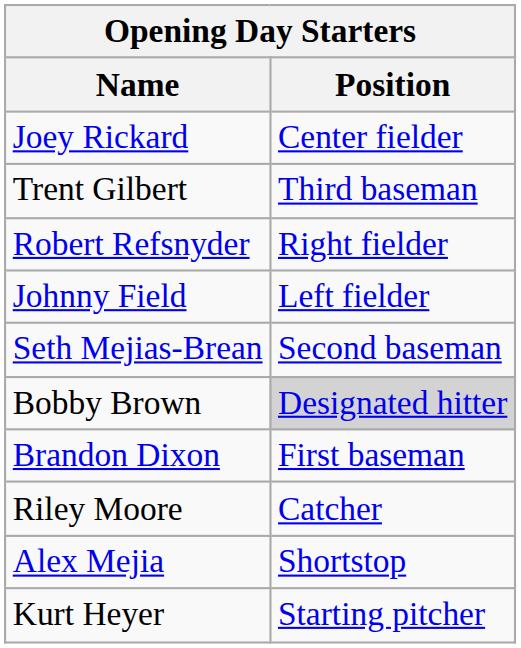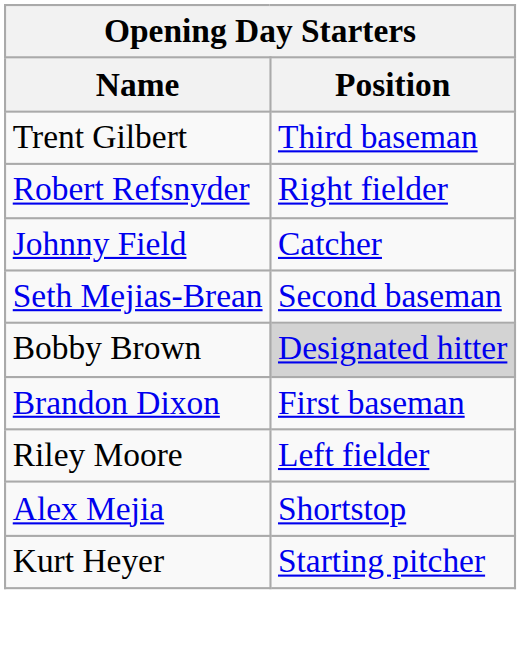 <table class="wikitable" style="text-align:left">
 <tr>
 <th colspan="2">Opening Day Starters</th>
 </tr>
 <tr>
 <th>Name</th>
 <th>Position</th>
-</tr>
-<tr>
-<td><a href='#'>Joey Rickard</a></td>
-<td><a href='#'>Center fielder</a></td>
 </tr>
 <tr>
 <td>Trent Gilbert</td>
 <td><a href='#'>Third baseman</a></td>
 </tr>
 <tr>
 <td><a href='#'>Robert Refsnyder</a></td>
 <td><a href='#'>Right fielder</a></td>
 </tr>
 <tr>
 <td><a href='#'>Johnny Field</a></td>
-<td><a href='#'>Left fielder</a></td>
+<td><a href='#'>Catcher</a></td>
 </tr>
 <tr>
 <td><a href='#'>Seth Mejias-Brean</a></td>
 <td><a href='#'>Second baseman</a></td>
 </tr>
 <tr>
 <td>Bobby Brown</td>
 <td style="background: lightgrey;"><a href='#'>Designated hitter</a></td>
 </tr>
 <tr>
 <td><a href='#'>Brandon Dixon</a></td>
 <td><a href='#'>First baseman</a></td>
 </tr>
 <tr>
 <td>Riley Moore</td>
-<td><a href='#'>Catcher</a></td>
+<td><a href='#'>Left fielder</a></td>
 </tr>
 <tr>
 <td><a href='#'>Alex Mejia</a></td>
 <td><a href='#'>Shortstop</a></td>
 </tr>
 <tr>
 <td>Kurt Heyer</td>
 <td><a href='#'>Starting pitcher</a></td>
 </tr>
 </table>
